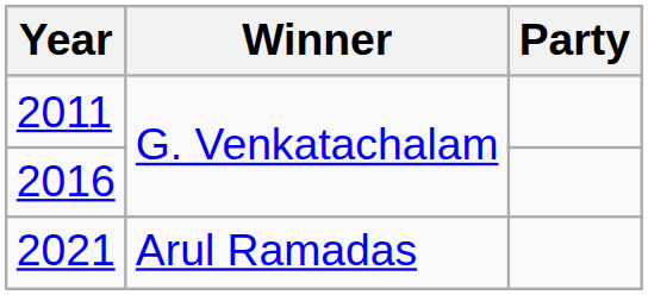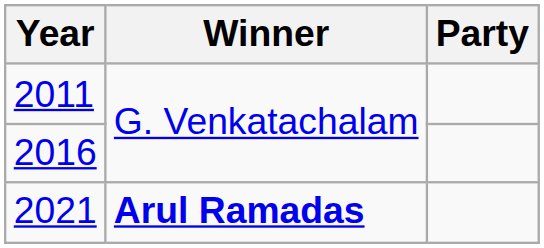 <table class="wikitable sortable">
 <tr>
 <th>Year</th>
 <th>Winner</th>
 <th colspan="2">Party</th>
 </tr>
 <tr>
 <td><a href='#'>2011</a></td>
 <td rowspan=2><a href='#'>G. Venkatachalam</a></td>
 <td></td>
 </tr>
 <tr>
 <td><a href='#'>2016</a></td>
 </tr>
 <tr>
 <td><a href='#'>2021</a></td>
-<td><a href='#'>Arul Ramadas</a></td>
+<td><strong><a href='#'>Arul Ramadas</a></strong></td>
 <td></td>
 </tr>
 </table>
